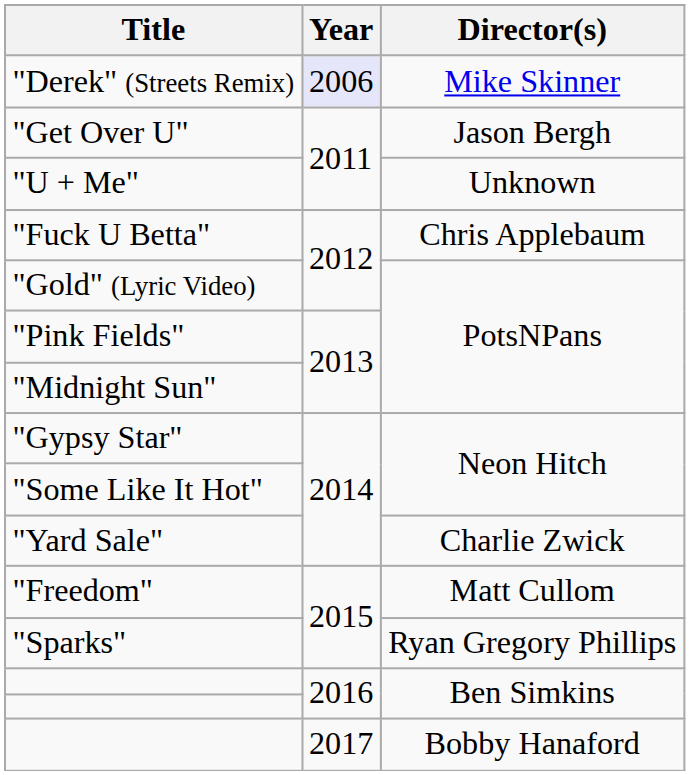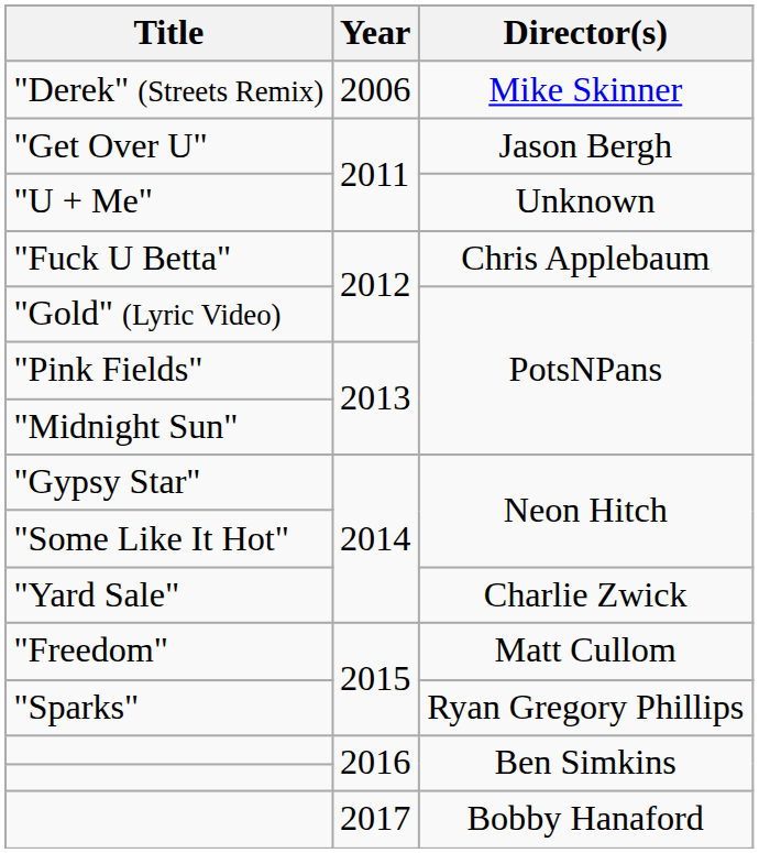 <table class="wikitable plainrowheaders">
 <tr>
 <th scope="col">Title</th>
 <th scope="col">Year</th>
 <th scope="col">Director(s)</th>
 </tr>
 <tr>
 <td>"Derek" <small>(Streets Remix)</small></td>
-<td style="background: lavender;">2006</td>
+<td>2006</td>
 <td align=center><a href='#'>Mike Skinner</a></td>
 </tr>
 <tr>
 <td>"Get Over U"</td>
 <td rowspan="2">2011</td>
 <td align=center>Jason Bergh</td>
 </tr>
 <tr>
 <td>"U + Me"</td>
 <td align=center>Unknown</td>
 </tr>
 <tr>
 <td>"Fuck U Betta"</td>
 <td rowspan="2">2012</td>
 <td align=center>Chris Applebaum</td>
 </tr>
 <tr>
 <td>"Gold" <small>(Lyric Video)</small></td>
 <td style="text-align:center;" rowspan="3">PotsNPans</td>
 </tr>
 <tr>
 <td>"Pink Fields"</td>
 <td rowspan="2">2013</td>
 </tr>
 <tr>
 <td>"Midnight Sun"</td>
 </tr>
 <tr>
 <td>"Gypsy Star"</td>
 <td rowspan="3">2014</td>
 <td style="text-align:center;" rowspan="2">Neon Hitch</td>
 </tr>
 <tr>
 <td>"Some Like It Hot" <br></td>
 </tr>
 <tr>
 <td>"Yard Sale"</td>
 <td style="text-align:center;">Charlie Zwick</td>
 </tr>
 <tr>
 <td>"Freedom"</td>
 <td rowspan="2">2015</td>
 <td style="text-align:center;">Matt Cullom</td>
 </tr>
 <tr>
 <td>"Sparks"</td>
 <td align=center>Ryan Gregory Phillips</td>
 </tr>
 <tr>
 <td></td>
 <td rowspan="2">2016</td>
 <td style="text-align:center;" rowspan="2">Ben Simkins</td>
 </tr>
 <tr>
 <td></td>
 </tr>
 <tr>
 <td></td>
 <td>2017</td>
 <td style="text-align:center;">Bobby Hanaford</td>
 </tr>
 </table>
